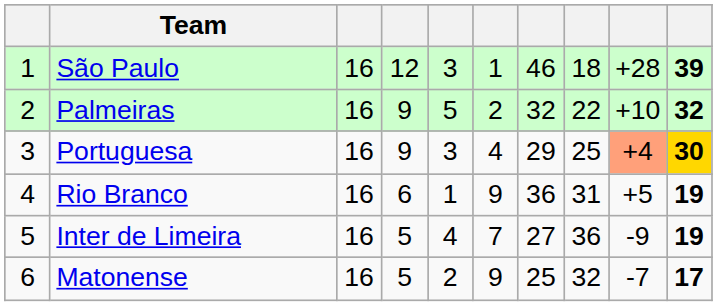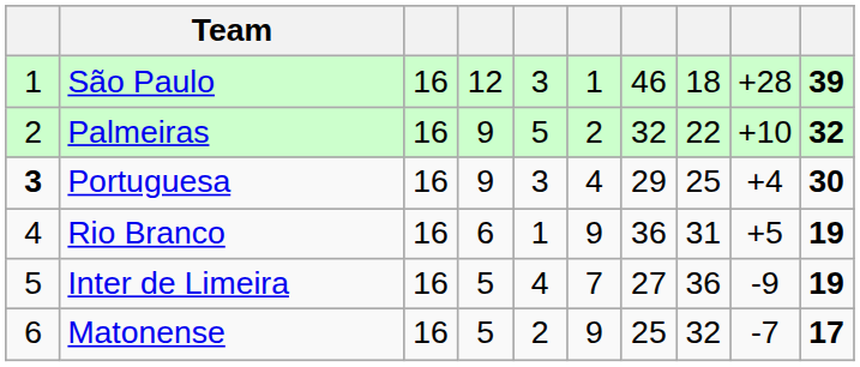 <table class="wikitable" style="text-align: center;">
 <tr>
 <th width=20></th>
 <th width=165>Team</th>
 <th width=20></th>
 <th width=20></th>
 <th width=20></th>
 <th width=20></th>
 <th width=20></th>
 <th width=20></th>
 <th width=20></th>
 <th width=20></th>
 </tr>
 <tr bgcolor="#ccffcc">
 <td>1</td>
 <td align=left><a href='#'>São Paulo</a></td>
 <td>16</td>
 <td>12</td>
 <td>3</td>
 <td>1</td>
 <td>46</td>
 <td>18</td>
 <td>+28</td>
 <td><strong>39</strong></td>
 </tr>
 <tr bgcolor="#ccffcc">
 <td>2</td>
 <td align=left><a href='#'>Palmeiras</a></td>
 <td>16</td>
 <td>9</td>
 <td>5</td>
 <td>2</td>
 <td>32</td>
 <td>22</td>
 <td>+10</td>
 <td><strong>32</strong></td>
 </tr>
 <tr>
-<td>3</td>
+<td><strong>3</strong></td>
 <td align=left><a href='#'>Portuguesa</a></td>
 <td>16</td>
 <td>9</td>
 <td>3</td>
 <td>4</td>
 <td>29</td>
 <td>25</td>
-<td style="background: lightsalmon;">+4</td>
-<td style="background: gold;"><strong>30</strong></td>
+<td>+4</td>
+<td><strong>30</strong></td>
 </tr>
 <tr>
 <td>4</td>
 <td align=left><a href='#'>Rio Branco</a></td>
 <td>16</td>
 <td>6</td>
 <td>1</td>
 <td>9</td>
 <td>36</td>
 <td>31</td>
 <td>+5</td>
 <td><strong>19</strong></td>
 </tr>
 <tr>
 <td>5</td>
 <td align=left><a href='#'>Inter de Limeira</a></td>
 <td>16</td>
 <td>5</td>
 <td>4</td>
 <td>7</td>
 <td>27</td>
 <td>36</td>
 <td>-9</td>
 <td><strong>19</strong></td>
 </tr>
 <tr>
 <td>6</td>
 <td align=left><a href='#'>Matonense</a></td>
 <td>16</td>
 <td>5</td>
 <td>2</td>
 <td>9</td>
 <td>25</td>
 <td>32</td>
 <td>-7</td>
 <td><strong>17</strong></td>
 </tr>
 </table>
